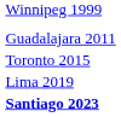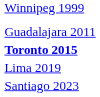 <table>
 <tr>
 <td><a href='#'>Winnipeg 1999</a></td>
 <td></td>
 <td></td>
 <td></td>
 </tr>
 <tr>
 <td></td>
 <td></td>
 <td></td>
 <td></td>
 </tr>
 <tr>
 <td></td>
 <td></td>
 <td></td>
 <td></td>
 </tr>
 <tr>
 <td><a href='#'>Guadalajara 2011</a></td>
 <td></td>
 <td></td>
 <td></td>
 </tr>
 <tr>
-<td><a href='#'>Toronto 2015</a></td>
+<td><strong><a href='#'>Toronto 2015</a></strong></td>
 <td></td>
 <td></td>
 <td></td>
 </tr>
 <tr>
 <td><a href='#'>Lima 2019</a></td>
 <td></td>
 <td></td>
 <td></td>
 </tr>
 <tr>
-<td><strong><a href='#'>Santiago 2023</a></strong></td>
+<td><a href='#'>Santiago 2023</a></td>
 <td></td>
 <td></td>
 <td></td>
 </tr>
 </table>
